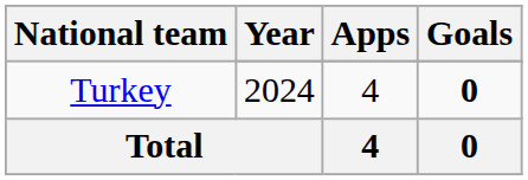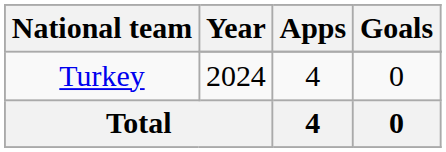 <table class="wikitable" style="text-align:center">
 <tr>
 <th>National team</th>
 <th>Year</th>
 <th>Apps</th>
 <th>Goals</th>
 </tr>
 <tr>
 <td rowspan="2"><a href='#'>Turkey</a></td>
 </tr>
 <tr>
 <td>2024</td>
 <td>4</td>
-<td><strong>0</strong></td>
+<td>0</td>
 </tr>
 <tr>
 <th colspan="2">Total</th>
 <th>4</th>
 <th>0</th>
 </tr>
 </table>
